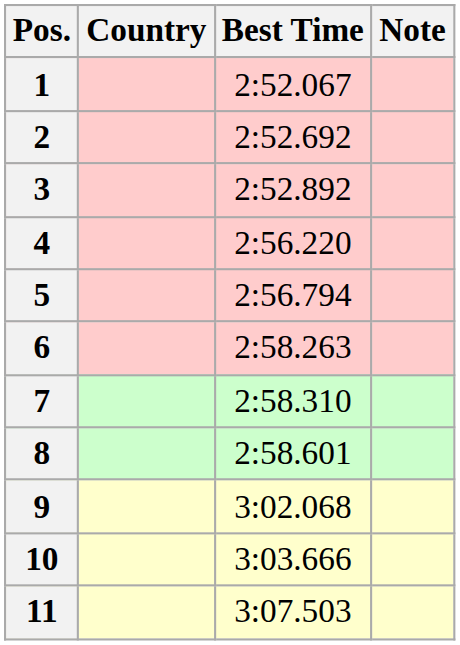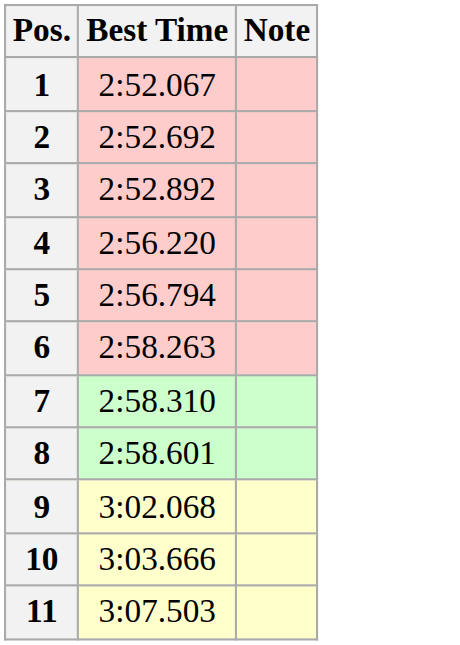 <table class="wikitable sortable plainrowheaders" style="text-align:center;">
 <tr>
 <th scope="col">Pos.</th>
-<th scope="col">Country</th>
 <th scope="col">Best Time</th>
 <th scope="col">Note</th>
 </tr>
 <tr bgcolor=#ffcccc>
 <th style="text - align:center; ">1</th>
-<td align="left"></td>
 <td>2:52.067</td>
 <td></td>
 </tr>
 <tr bgcolor=#ffcccc>
 <th style="text - align:center; ">2</th>
-<td align="left"></td>
 <td>2:52.692</td>
 <td></td>
 </tr>
 <tr bgcolor=#ffcccc>
 <th style="text - align:center; ">3</th>
-<td align="left"></td>
 <td>2:52.892</td>
 <td></td>
 </tr>
 <tr bgcolor=#ffcccc>
 <th style="text - align:center; ">4</th>
-<td align="left"></td>
 <td>2:56.220</td>
 <td></td>
 </tr>
 <tr bgcolor=#ffcccc>
 <th style="text - align:center; ">5</th>
-<td align="left"></td>
 <td>2:56.794</td>
 <td></td>
 </tr>
 <tr bgcolor=#ffcccc>
 <th style="text - align:center; ">6</th>
-<td align="left"></td>
 <td>2:58.263</td>
 <td></td>
 </tr>
 <tr bgcolor=#ccffcc>
 <th style="text - align:center; ">7</th>
-<td align="left"></td>
 <td>2:58.310</td>
 <td></td>
 </tr>
 <tr bgcolor=#ccffcc>
 <th style="text - align:center; ">8</th>
-<td align="left"></td>
 <td>2:58.601</td>
 <td></td>
 </tr>
 <tr bgcolor=#ffffcc>
 <th style="text - align:center; ">9</th>
-<td align="left"></td>
 <td>3:02.068</td>
 <td></td>
 </tr>
 <tr bgcolor=#ffffcc>
 <th style="text - align:center; ">10</th>
-<td align="left"></td>
 <td>3:03.666</td>
 <td></td>
 </tr>
 <tr bgcolor=#ffffcc>
 <th style="text - align:center; ">11</th>
-<td align="left"></td>
 <td>3:07.503</td>
 <td></td>
 </tr>
 </table>
